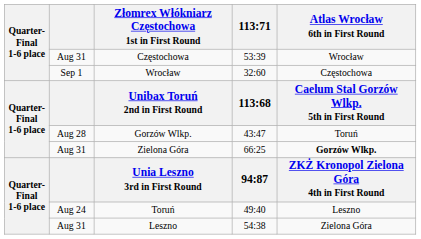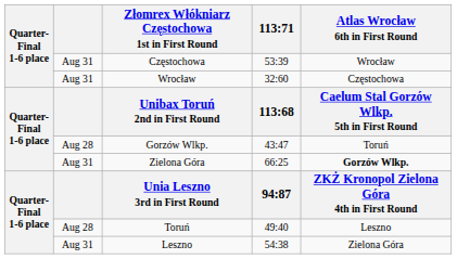 <table align="center" cellspacing="0" cellpadding="3" style="background-color: #f9f9f9; font-size: 90%; text-align: center" class="wikitable">
 <tr style="background:#F0F0F0;">
 <th width=60px rowspan=3>Quarter-Final <br>1-6 place</th>
 <th width=60px></th>
 <th width=200px><big><a href='#'>Złomrex Włókniarz Częstochowa</a> <br><small>1st in First Round</small></big></th>
 <th width=60px><big>113:71</big></th>
 <th width=200px><big><a href='#'>Atlas Wrocław</a> <br><small>6th in First Round</small></big></th>
 </tr>
 <tr>
 <td>Aug 31</td>
 <td>Częstochowa</td>
 <td>53:39</td>
 <td>Wrocław</td>
 </tr>
 <tr>
-<td>Sep 1</td>
+<td>Aug 31</td>
 <td>Wrocław</td>
 <td>32:60</td>
 <td>Częstochowa</td>
 </tr>
 <tr style="background:#F0F0F0;">
 <th rowspan=3>Quarter-Final <br>1-6 place</th>
 <th></th>
 <th><big><a href='#'>Unibax Toruń</a> <br><small>2nd in First Round</small></big></th>
 <th><big>113:68</big></th>
 <th><big><a href='#'>Caelum Stal Gorzów Wlkp.</a> <br><small>5th in First Round</small></big></th>
 </tr>
 <tr>
 <td>Aug 28</td>
 <td>Gorzów Wlkp.</td>
 <td>43:47</td>
 <td>Toruń</td>
 </tr>
 <tr>
 <td>Aug 31</td>
 <td>Zielona Góra</td>
 <td>66:25</td>
 <td><strong>Gorzów Wlkp.</strong></td>
 </tr>
 <tr style="background:#F0F0F0;">
 <th rowspan=3>Quarter-Final <br>1-6 place</th>
 <th></th>
 <th><big><a href='#'>Unia Leszno</a> <br><small>3rd in First Round</small></big></th>
 <th><big>94:87</big></th>
 <th><big><a href='#'>ZKŻ Kronopol Zielona Góra</a> <br><small>4th in First Round</small></big></th>
 </tr>
 <tr>
-<td>Aug 24</td>
+<td>Aug 28</td>
 <td>Toruń</td>
 <td>49:40</td>
 <td>Leszno</td>
 </tr>
 <tr>
 <td>Aug 31</td>
 <td>Leszno</td>
 <td>54:38</td>
 <td>Zielona Góra</td>
 </tr>
 </table>
